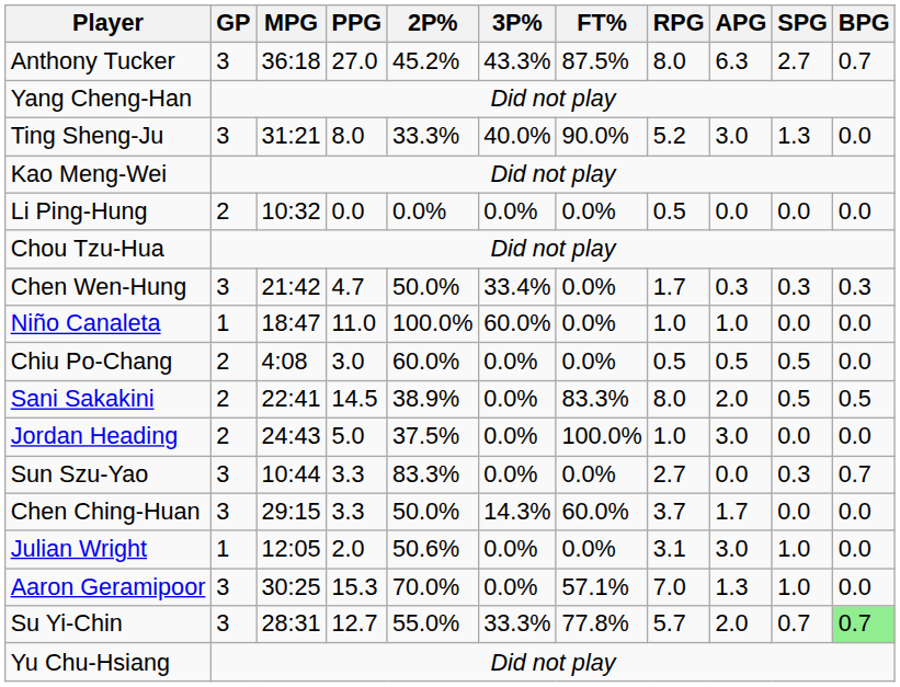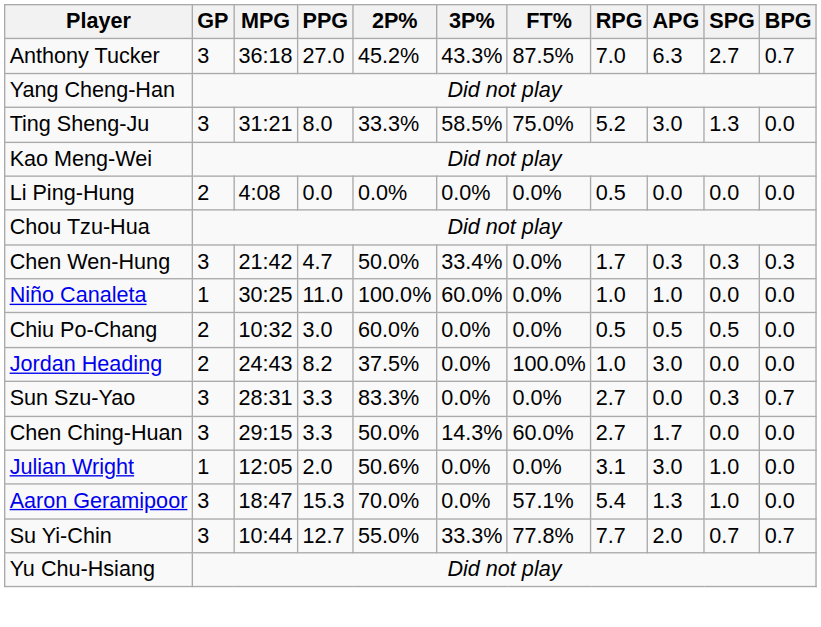 <table class="wikitable">
 <tr>
 <th>Player</th>
 <th>GP</th>
 <th>MPG</th>
 <th>PPG</th>
 <th>2P%</th>
 <th>3P%</th>
 <th>FT%</th>
 <th>RPG</th>
 <th>APG</th>
 <th>SPG</th>
 <th>BPG</th>
 </tr>
 <tr>
 <td>Anthony Tucker</td>
 <td>3</td>
 <td>36:18</td>
 <td>27.0</td>
 <td>45.2%</td>
 <td>43.3%</td>
 <td>87.5%</td>
-<td>8.0</td>
+<td>7.0</td>
 <td>6.3</td>
 <td>2.7</td>
 <td>0.7</td>
 </tr>
 <tr>
 <td>Yang Cheng-Han</td>
 <td colspan=10 align=center><em>Did not play</em></td>
 </tr>
 <tr>
 <td>Ting Sheng-Ju</td>
 <td>3</td>
 <td>31:21</td>
 <td>8.0</td>
 <td>33.3%</td>
-<td>40.0%</td>
-<td>90.0%</td>
+<td>58.5%</td>
+<td>75.0%</td>
 <td>5.2</td>
 <td>3.0</td>
 <td>1.3</td>
 <td>0.0</td>
 </tr>
 <tr>
 <td>Kao Meng-Wei</td>
 <td colspan=10 align=center><em>Did not play</em></td>
 </tr>
 <tr>
 <td>Li Ping-Hung</td>
 <td>2</td>
-<td>10:32</td>
+<td>4:08</td>
 <td>0.0</td>
 <td>0.0%</td>
 <td>0.0%</td>
 <td>0.0%</td>
 <td>0.5</td>
 <td>0.0</td>
 <td>0.0</td>
 <td>0.0</td>
 </tr>
 <tr>
 <td>Chou Tzu-Hua</td>
 <td colspan=10 align=center><em>Did not play</em></td>
 </tr>
 <tr>
 <td>Chen Wen-Hung</td>
 <td>3</td>
 <td>21:42</td>
 <td>4.7</td>
 <td>50.0%</td>
 <td>33.4%</td>
 <td>0.0%</td>
 <td>1.7</td>
 <td>0.3</td>
 <td>0.3</td>
 <td>0.3</td>
 </tr>
 <tr>
 <td><a href='#'>Niño Canaleta</a></td>
 <td>1</td>
-<td>18:47</td>
+<td>30:25</td>
 <td>11.0</td>
 <td>100.0%</td>
 <td>60.0%</td>
 <td>0.0%</td>
 <td>1.0</td>
 <td>1.0</td>
 <td>0.0</td>
 <td>0.0</td>
 </tr>
 <tr>
 <td>Chiu Po-Chang</td>
 <td>2</td>
-<td>4:08</td>
+<td>10:32</td>
 <td>3.0</td>
 <td>60.0%</td>
 <td>0.0%</td>
 <td>0.0%</td>
 <td>0.5</td>
 <td>0.5</td>
 <td>0.5</td>
 <td>0.0</td>
 </tr>
 <tr>
-<td><a href='#'>Sani Sakakini</a></td>
-<td>2</td>
-<td>22:41</td>
-<td>14.5</td>
-<td>38.9%</td>
-<td>0.0%</td>
-<td>83.3%</td>
-<td>8.0</td>
-<td>2.0</td>
-<td>0.5</td>
-<td>0.5</td>
-</tr>
-<tr>
 <td><a href='#'>Jordan Heading</a></td>
 <td>2</td>
 <td>24:43</td>
-<td>5.0</td>
+<td>8.2</td>
 <td>37.5%</td>
 <td>0.0%</td>
 <td>100.0%</td>
 <td>1.0</td>
 <td>3.0</td>
 <td>0.0</td>
 <td>0.0</td>
 </tr>
 <tr>
 <td>Sun Szu-Yao</td>
 <td>3</td>
-<td>10:44</td>
+<td>28:31</td>
 <td>3.3</td>
 <td>83.3%</td>
 <td>0.0%</td>
 <td>0.0%</td>
 <td>2.7</td>
 <td>0.0</td>
 <td>0.3</td>
 <td>0.7</td>
 </tr>
 <tr>
 <td>Chen Ching-Huan</td>
 <td>3</td>
 <td>29:15</td>
 <td>3.3</td>
 <td>50.0%</td>
 <td>14.3%</td>
 <td>60.0%</td>
-<td>3.7</td>
+<td>2.7</td>
 <td>1.7</td>
 <td>0.0</td>
 <td>0.0</td>
 </tr>
 <tr>
 <td><a href='#'>Julian Wright</a></td>
 <td>1</td>
 <td>12:05</td>
 <td>2.0</td>
 <td>50.6%</td>
 <td>0.0%</td>
 <td>0.0%</td>
 <td>3.1</td>
 <td>3.0</td>
 <td>1.0</td>
 <td>0.0</td>
 </tr>
 <tr>
 <td><a href='#'>Aaron Geramipoor</a></td>
 <td>3</td>
-<td>30:25</td>
+<td>18:47</td>
 <td>15.3</td>
 <td>70.0%</td>
 <td>0.0%</td>
 <td>57.1%</td>
-<td>7.0</td>
+<td>5.4</td>
 <td>1.3</td>
 <td>1.0</td>
 <td>0.0</td>
 </tr>
 <tr>
 <td>Su Yi-Chin</td>
 <td>3</td>
-<td>28:31</td>
+<td>10:44</td>
 <td>12.7</td>
 <td>55.0%</td>
 <td>33.3%</td>
 <td>77.8%</td>
-<td>5.7</td>
+<td>7.7</td>
 <td>2.0</td>
 <td>0.7</td>
-<td style="background: lightgreen;">0.7</td>
+<td>0.7</td>
 </tr>
 <tr>
 <td>Yu Chu-Hsiang</td>
 <td colspan=10 align=center><em>Did not play</em></td>
 </tr>
 </table>
